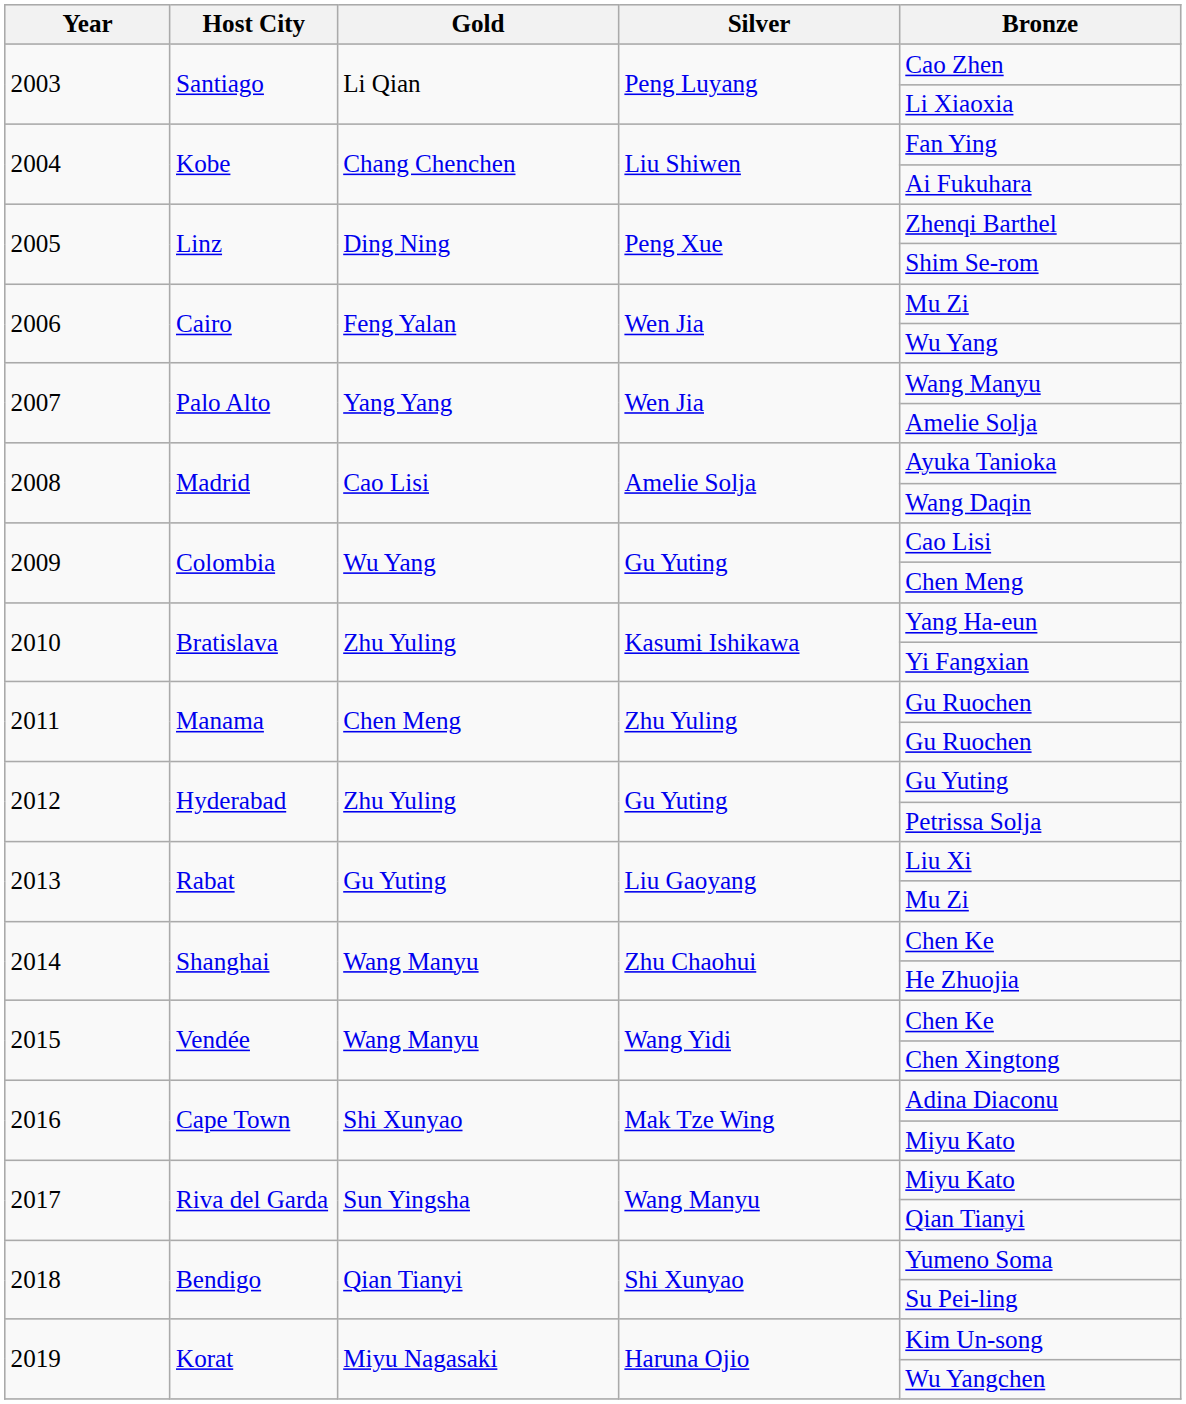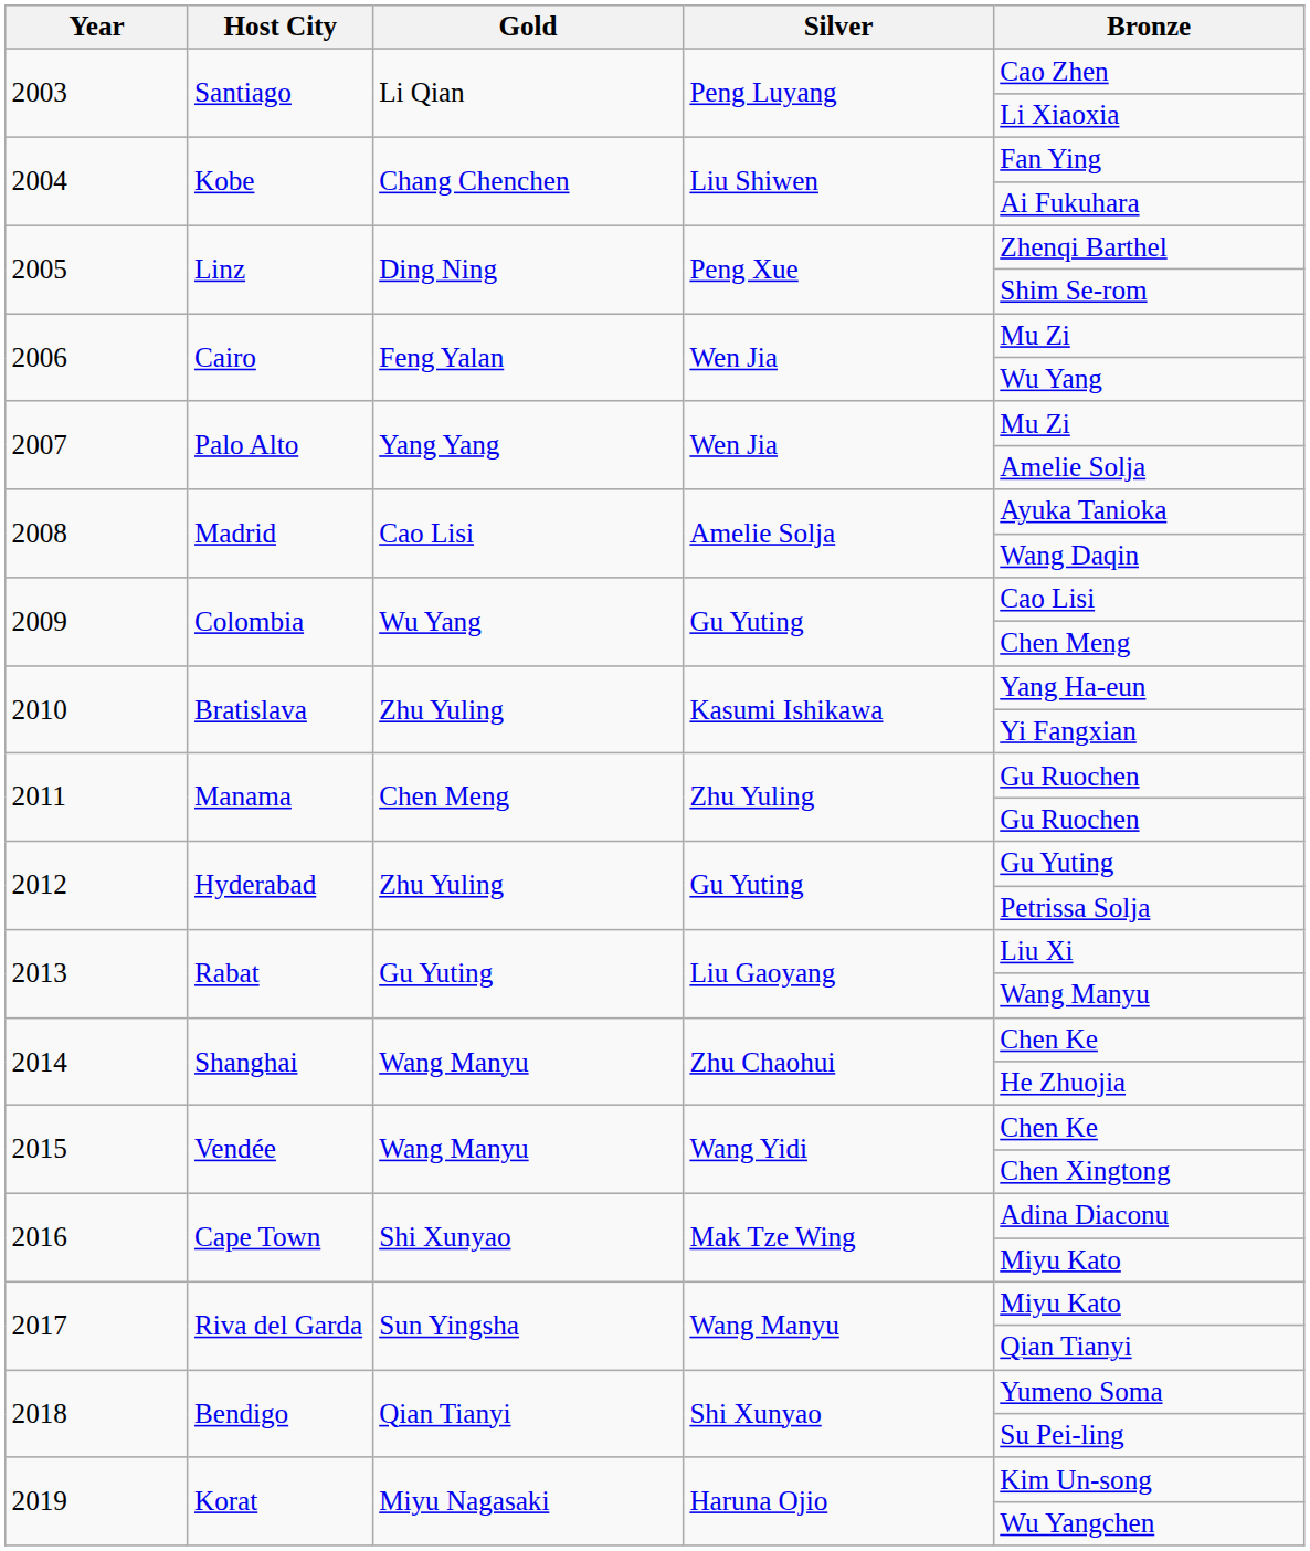 <table class="wikitable" style="text-align: left; width: 750px;">
 <tr>
 <th width="100">Year</th>
 <th width="100">Host City</th>
 <th width="175">Gold</th>
 <th width="175">Silver</th>
 <th width="175">Bronze</th>
 </tr>
 <tr>
 <td rowspan=2>2003</td>
 <td rowspan=2><a href='#'>Santiago</a></td>
 <td rowspan=2> Li Qian</td>
 <td rowspan=2> <a href='#'>Peng Luyang</a></td>
 <td> <a href='#'>Cao Zhen</a></td>
 </tr>
 <tr>
 <td> <a href='#'>Li Xiaoxia</a></td>
 </tr>
 <tr>
 <td rowspan=2>2004</td>
 <td rowspan=2><a href='#'>Kobe</a></td>
 <td rowspan=2> <a href='#'>Chang Chenchen</a></td>
 <td rowspan=2> <a href='#'>Liu Shiwen</a></td>
 <td> <a href='#'>Fan Ying</a></td>
 </tr>
 <tr>
 <td> <a href='#'>Ai Fukuhara</a></td>
 </tr>
 <tr>
 <td rowspan=2>2005</td>
 <td rowspan=2><a href='#'>Linz</a></td>
 <td rowspan=2> <a href='#'>Ding Ning</a></td>
 <td rowspan=2> <a href='#'>Peng Xue</a></td>
 <td> <a href='#'>Zhenqi Barthel</a></td>
 </tr>
 <tr>
 <td> <a href='#'>Shim Se-rom</a></td>
 </tr>
 <tr>
 <td rowspan=2>2006</td>
 <td rowspan=2><a href='#'>Cairo</a></td>
 <td rowspan=2> <a href='#'>Feng Yalan</a></td>
 <td rowspan=2> <a href='#'>Wen Jia</a></td>
 <td> <a href='#'>Mu Zi</a></td>
 </tr>
 <tr>
 <td> <a href='#'>Wu Yang</a></td>
 </tr>
 <tr>
 <td rowspan=2>2007</td>
 <td rowspan=2><a href='#'>Palo Alto</a></td>
 <td rowspan=2> <a href='#'>Yang Yang</a></td>
 <td rowspan=2> <a href='#'>Wen Jia</a></td>
-<td> <a href='#'>Wang Manyu</a></td>
+<td> <a href='#'>Mu Zi</a></td>
 </tr>
 <tr>
 <td> <a href='#'>Amelie Solja</a></td>
 </tr>
 <tr>
 <td rowspan=2>2008</td>
 <td rowspan=2><a href='#'>Madrid</a></td>
 <td rowspan=2> <a href='#'>Cao Lisi</a></td>
 <td rowspan=2> <a href='#'>Amelie Solja</a></td>
 <td> <a href='#'>Ayuka Tanioka</a></td>
 </tr>
 <tr>
 <td> <a href='#'>Wang Daqin</a></td>
 </tr>
 <tr>
 <td rowspan=2>2009</td>
 <td rowspan=2><a href='#'>Colombia</a></td>
 <td rowspan=2> <a href='#'>Wu Yang</a></td>
 <td rowspan=2> <a href='#'>Gu Yuting</a></td>
 <td> <a href='#'>Cao Lisi</a></td>
 </tr>
 <tr>
 <td> <a href='#'>Chen Meng</a></td>
 </tr>
 <tr>
 <td rowspan=2>2010</td>
 <td rowspan=2><a href='#'>Bratislava</a></td>
 <td rowspan=2> <a href='#'>Zhu Yuling</a></td>
 <td rowspan=2> <a href='#'>Kasumi Ishikawa</a></td>
 <td> <a href='#'>Yang Ha-eun</a></td>
 </tr>
 <tr>
 <td> <a href='#'>Yi Fangxian</a></td>
 </tr>
 <tr>
 <td rowspan=2>2011</td>
 <td rowspan=2><a href='#'>Manama</a></td>
 <td rowspan=2> <a href='#'>Chen Meng</a></td>
 <td rowspan=2> <a href='#'>Zhu Yuling</a></td>
 <td> <a href='#'>Gu Ruochen</a></td>
 </tr>
 <tr>
 <td> <a href='#'>Gu Ruochen</a></td>
 </tr>
 <tr>
 <td rowspan=2>2012</td>
 <td rowspan=2><a href='#'>Hyderabad</a></td>
 <td rowspan=2> <a href='#'>Zhu Yuling</a></td>
 <td rowspan=2> <a href='#'>Gu Yuting</a></td>
 <td> <a href='#'>Gu Yuting</a></td>
 </tr>
 <tr>
 <td> <a href='#'>Petrissa Solja</a></td>
 </tr>
 <tr>
 <td rowspan=2>2013</td>
 <td rowspan=2><a href='#'>Rabat</a></td>
 <td rowspan=2> <a href='#'>Gu Yuting</a></td>
 <td rowspan=2> <a href='#'>Liu Gaoyang</a></td>
 <td> <a href='#'>Liu Xi</a></td>
 </tr>
 <tr>
-<td> <a href='#'>Mu Zi</a></td>
+<td> <a href='#'>Wang Manyu</a></td>
 </tr>
 <tr>
 <td rowspan=2>2014</td>
 <td rowspan=2><a href='#'>Shanghai</a></td>
 <td rowspan=2> <a href='#'>Wang Manyu</a></td>
 <td rowspan=2> <a href='#'>Zhu Chaohui</a></td>
 <td> <a href='#'>Chen Ke</a></td>
 </tr>
 <tr>
 <td> <a href='#'>He Zhuojia</a></td>
 </tr>
 <tr>
 <td rowspan=2>2015</td>
 <td rowspan=2><a href='#'>Vendée</a></td>
 <td rowspan=2> <a href='#'>Wang Manyu</a></td>
 <td rowspan=2> <a href='#'>Wang Yidi</a></td>
 <td> <a href='#'>Chen Ke</a></td>
 </tr>
 <tr>
 <td> <a href='#'>Chen Xingtong</a></td>
 </tr>
 <tr>
 <td rowspan=2>2016</td>
 <td rowspan=2><a href='#'>Cape Town</a></td>
 <td rowspan=2> <a href='#'>Shi Xunyao</a></td>
 <td rowspan=2> <a href='#'>Mak Tze Wing</a></td>
 <td> <a href='#'>Adina Diaconu</a></td>
 </tr>
 <tr>
 <td> <a href='#'>Miyu Kato</a></td>
 </tr>
 <tr>
 <td rowspan=2>2017</td>
 <td rowspan=2><a href='#'>Riva del Garda</a></td>
 <td rowspan=2> <a href='#'>Sun Yingsha</a></td>
 <td rowspan=2> <a href='#'>Wang Manyu</a></td>
 <td> <a href='#'>Miyu Kato</a></td>
 </tr>
 <tr>
 <td> <a href='#'>Qian Tianyi</a></td>
 </tr>
 <tr>
 <td rowspan=2>2018</td>
 <td rowspan=2><a href='#'>Bendigo</a></td>
 <td rowspan=2> <a href='#'>Qian Tianyi</a></td>
 <td rowspan=2> <a href='#'>Shi Xunyao</a></td>
 <td> <a href='#'>Yumeno Soma</a></td>
 </tr>
 <tr>
 <td> <a href='#'>Su Pei-ling</a></td>
 </tr>
 <tr>
 <td rowspan=2>2019</td>
 <td rowspan=2><a href='#'>Korat</a></td>
 <td rowspan=2> <a href='#'>Miyu Nagasaki</a></td>
 <td rowspan=2> <a href='#'>Haruna Ojio</a></td>
 <td> <a href='#'>Kim Un-song</a></td>
 </tr>
 <tr>
 <td> <a href='#'>Wu Yangchen</a></td>
 </tr>
 </table>
